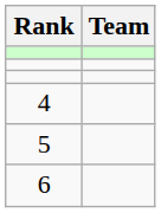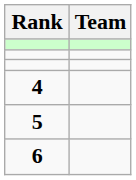 <table class="wikitable" style="text-align: center;">
 <tr>
 <th width=40>Rank</th>
 <th>Team</th>
 </tr>
 <tr align=center bgcolor=#ccffcc>
 <td></td>
 <td style="text-align:left;"></td>
 </tr>
 <tr align=center>
 <td></td>
 <td style="text-align:left;"></td>
 </tr>
 <tr align=center>
 <td></td>
 <td style="text-align:left;"></td>
 </tr>
 <tr align=center>
-<td>4</td>
+<td><strong>4</strong></td>
 <td style="text-align:left;"></td>
 </tr>
 <tr align=center>
-<td>5</td>
+<td><strong>5</strong></td>
 <td style="text-align:left;"></td>
 </tr>
 <tr align=center>
-<td>6</td>
+<td><strong>6</strong></td>
 <td style="text-align:left;"></td>
 </tr>
 </table>
